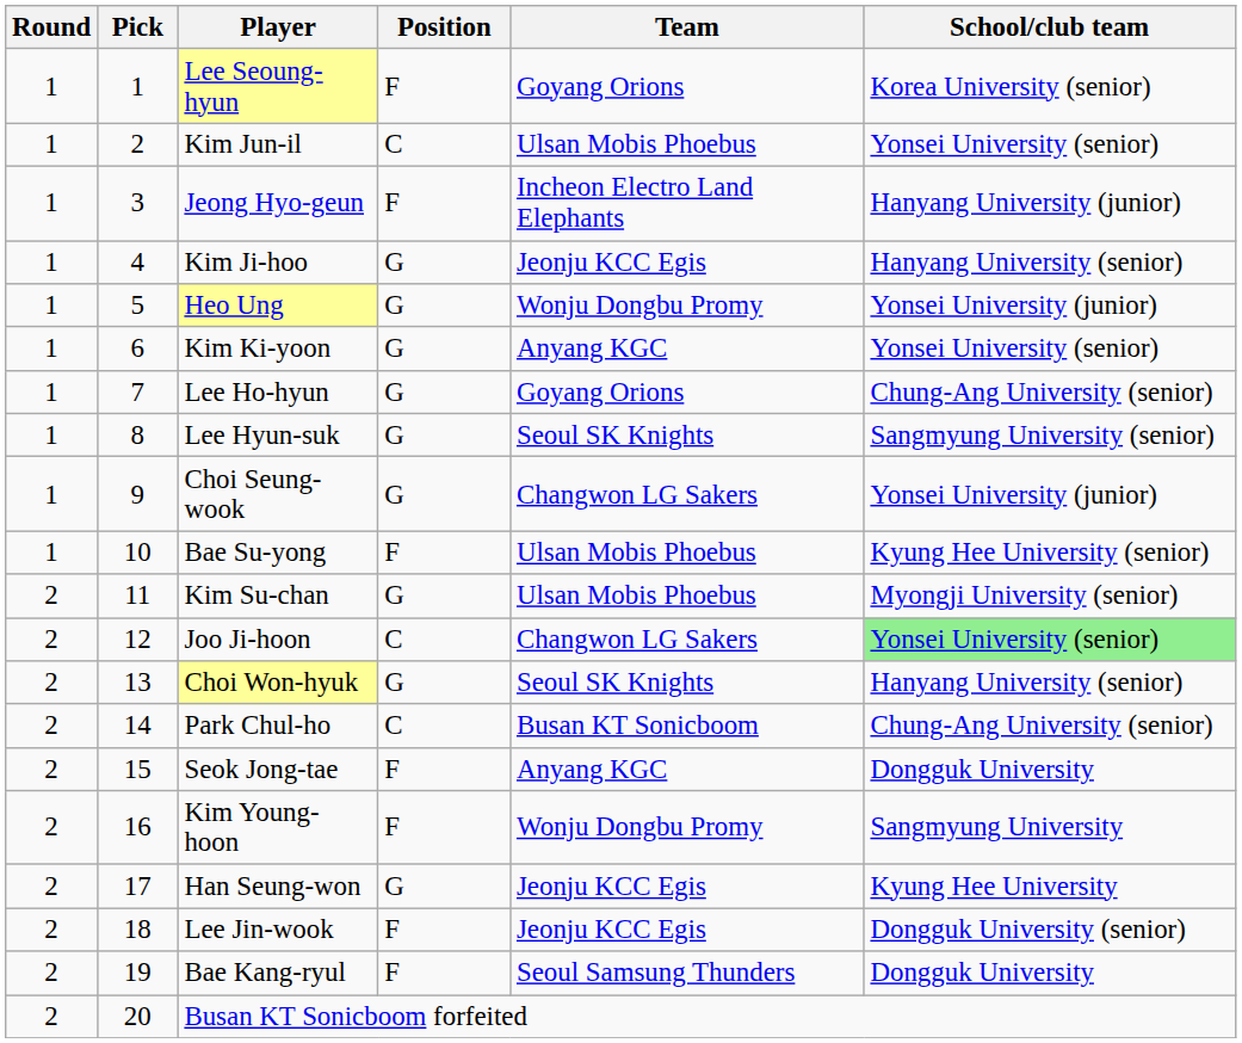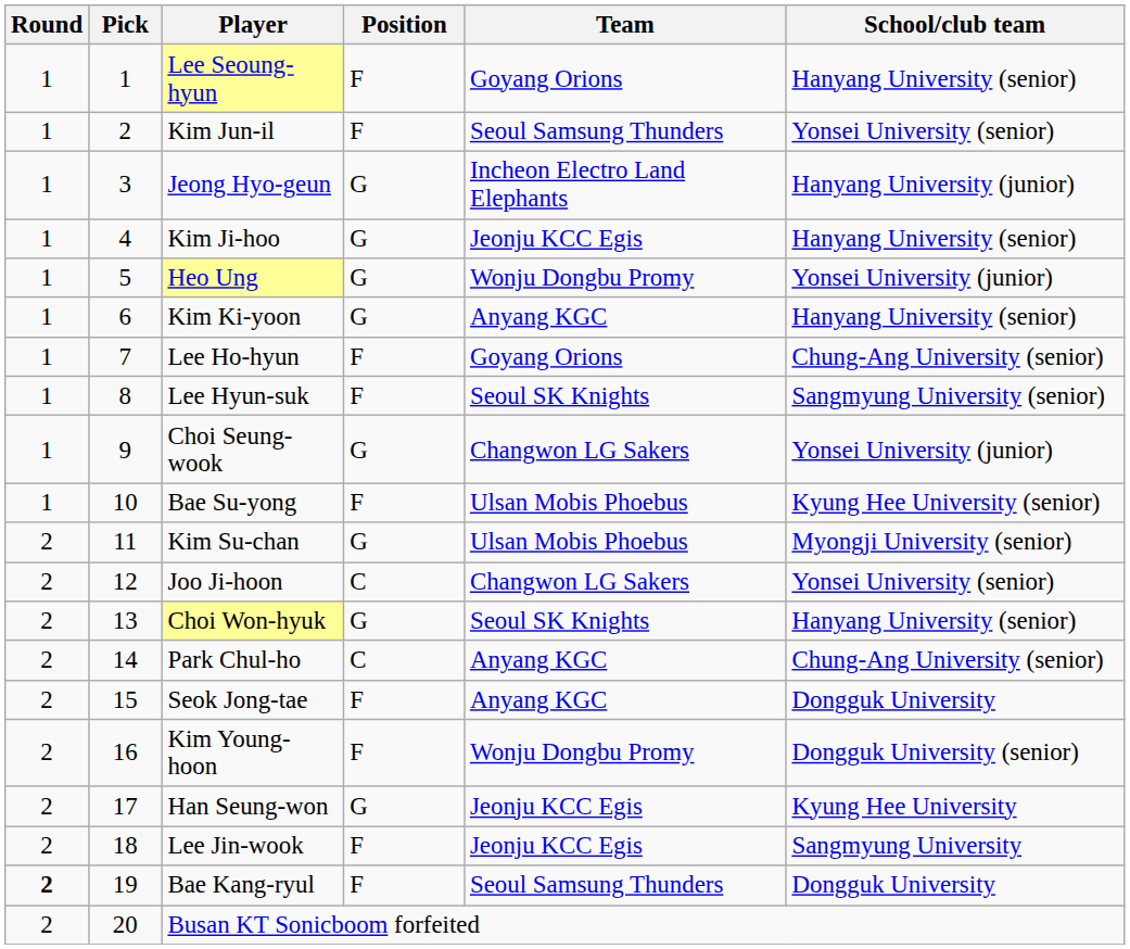 <table class="wikitable sortable sortable">
 <tr>
 <th scope="col" width=40>Round</th>
 <th scope="col" width=40>Pick</th>
 <th scope="col" width=110>Player</th>
 <th scope="col" width=70>Position</th>
 <th scope="col" width=200>Team</th>
 <th scope="col" width=210>School/club team</th>
 </tr>
 <tr>
 <td align=center>1</td>
 <td align=center>1</td>
 <td style="background-color:#FFFF99;"><a href='#'>Lee Seoung-hyun</a></td>
 <td>F</td>
 <td><a href='#'>Goyang Orions</a></td>
-<td><a href='#'>Korea University</a> (senior)</td>
+<td><a href='#'>Hanyang University</a> (senior)</td>
 </tr>
 <tr>
 <td align=center>1</td>
 <td align=center>2</td>
 <td>Kim Jun-il</td>
-<td>C</td>
-<td><a href='#'>Ulsan Mobis Phoebus</a></td>
+<td>F</td>
+<td><a href='#'>Seoul Samsung Thunders</a></td>
 <td><a href='#'>Yonsei University</a> (senior)</td>
 </tr>
 <tr>
 <td align=center>1</td>
 <td align=center>3</td>
 <td><a href='#'>Jeong Hyo-geun</a></td>
-<td>F</td>
+<td>G</td>
 <td><a href='#'>Incheon Electro Land Elephants</a></td>
 <td><a href='#'>Hanyang University</a> (junior)</td>
 </tr>
 <tr>
 <td align=center>1</td>
 <td align=center>4</td>
 <td>Kim Ji-hoo</td>
 <td>G</td>
 <td><a href='#'>Jeonju KCC Egis</a></td>
 <td><a href='#'>Hanyang University</a> (senior)</td>
 </tr>
 <tr>
 <td align=center>1</td>
 <td align=center>5</td>
 <td style="background-color:#FFFF99;"><a href='#'>Heo Ung</a></td>
 <td>G</td>
 <td><a href='#'>Wonju Dongbu Promy</a></td>
 <td><a href='#'>Yonsei University</a> (junior)</td>
 </tr>
 <tr>
 <td align=center>1</td>
 <td align=center>6</td>
 <td>Kim Ki-yoon</td>
 <td>G</td>
 <td><a href='#'>Anyang KGC</a></td>
-<td><a href='#'>Yonsei University</a> (senior)</td>
+<td><a href='#'>Hanyang University</a> (senior)</td>
 </tr>
 <tr>
 <td align=center>1</td>
 <td align=center>7</td>
 <td>Lee Ho-hyun</td>
-<td>G</td>
+<td>F</td>
 <td><a href='#'>Goyang Orions</a></td>
 <td><a href='#'>Chung-Ang University</a> (senior)</td>
 </tr>
 <tr>
 <td align=center>1</td>
 <td align=center>8</td>
 <td>Lee Hyun-suk</td>
-<td>G</td>
+<td>F</td>
 <td><a href='#'>Seoul SK Knights</a></td>
 <td><a href='#'>Sangmyung University</a> (senior)</td>
 </tr>
 <tr>
 <td align=center>1</td>
 <td align=center>9</td>
 <td>Choi Seung-wook</td>
 <td>G</td>
 <td><a href='#'>Changwon LG Sakers</a></td>
 <td><a href='#'>Yonsei University</a> (junior)</td>
 </tr>
 <tr>
 <td align=center>1</td>
 <td align=center>10</td>
 <td>Bae Su-yong</td>
 <td>F</td>
 <td><a href='#'>Ulsan Mobis Phoebus</a></td>
 <td><a href='#'>Kyung Hee University</a> (senior)</td>
 </tr>
 <tr>
 <td align=center>2</td>
 <td align=center>11</td>
 <td>Kim Su-chan</td>
 <td>G</td>
 <td><a href='#'>Ulsan Mobis Phoebus</a></td>
 <td><a href='#'>Myongji University</a> (senior)</td>
 </tr>
 <tr>
 <td align=center>2</td>
 <td align=center>12</td>
 <td>Joo Ji-hoon</td>
 <td>C</td>
 <td><a href='#'>Changwon LG Sakers</a></td>
-<td style="background: lightgreen;"><a href='#'>Yonsei University</a> (senior)</td>
+<td><a href='#'>Yonsei University</a> (senior)</td>
 </tr>
 <tr>
 <td align=center>2</td>
 <td align=center>13</td>
 <td style="background-color:#FFFF99;">Choi Won-hyuk</td>
 <td>G</td>
 <td><a href='#'>Seoul SK Knights</a></td>
 <td><a href='#'>Hanyang University</a> (senior)</td>
 </tr>
 <tr>
 <td align=center>2</td>
 <td align=center>14</td>
 <td>Park Chul-ho</td>
 <td>C</td>
-<td><a href='#'>Busan KT Sonicboom</a></td>
+<td><a href='#'>Anyang KGC</a></td>
 <td><a href='#'>Chung-Ang University</a> (senior)</td>
 </tr>
 <tr>
 <td align=center>2</td>
 <td align=center>15</td>
 <td>Seok Jong-tae</td>
 <td>F</td>
 <td><a href='#'>Anyang KGC</a></td>
 <td><a href='#'>Dongguk University</a></td>
 </tr>
 <tr>
 <td align=center>2</td>
 <td align=center>16</td>
 <td>Kim Young-hoon</td>
 <td>F</td>
 <td><a href='#'>Wonju Dongbu Promy</a></td>
-<td><a href='#'>Sangmyung University</a></td>
+<td><a href='#'>Dongguk University</a> (senior)</td>
 </tr>
 <tr>
 <td align=center>2</td>
 <td align=center>17</td>
 <td>Han Seung-won</td>
 <td>G</td>
 <td><a href='#'>Jeonju KCC Egis</a></td>
 <td><a href='#'>Kyung Hee University</a></td>
 </tr>
 <tr>
 <td align=center>2</td>
 <td align=center>18</td>
 <td>Lee Jin-wook</td>
 <td>F</td>
 <td><a href='#'>Jeonju KCC Egis</a></td>
-<td><a href='#'>Dongguk University</a> (senior)</td>
+<td><a href='#'>Sangmyung University</a></td>
 </tr>
 <tr>
-<td align=center>2</td>
+<td align=center><strong>2</strong></td>
 <td align=center>19</td>
 <td>Bae Kang-ryul</td>
 <td>F</td>
 <td><a href='#'>Seoul Samsung Thunders</a></td>
 <td><a href='#'>Dongguk University</a></td>
 </tr>
 <tr>
 <td align=center>2</td>
 <td align=center>20</td>
 <td colspan="4"><a href='#'>Busan KT Sonicboom</a> forfeited</td>
 </tr>
 </table>
